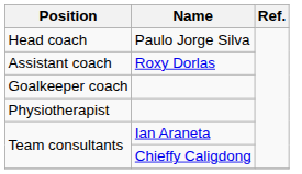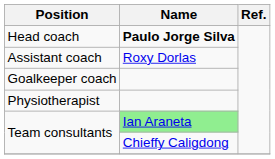 <table class="wikitable">
 <tr>
 <th>Position</th>
 <th>Name</th>
 <th>Ref.</th>
 </tr>
 <tr>
 <td>Head coach</td>
-<td> Paulo Jorge Silva</td>
+<td><strong> Paulo Jorge Silva</strong></td>
 <td rowspan="6"></td>
 </tr>
 <tr>
 <td>Assistant coach</td>
 <td> <a href='#'>Roxy Dorlas</a></td>
 </tr>
 <tr>
 <td>Goalkeeper coach</td>
 <td></td>
 </tr>
 <tr>
 <td>Physiotherapist</td>
 <td></td>
 </tr>
 <tr>
 <td rowspan="2">Team consultants</td>
-<td> <a href='#'>Ian Araneta</a></td>
+<td style="background: lightgreen;"> <a href='#'>Ian Araneta</a></td>
 </tr>
 <tr>
 <td> <a href='#'>Chieffy Caligdong</a></td>
 </tr>
 <tr>
 </tr>
 </table>
